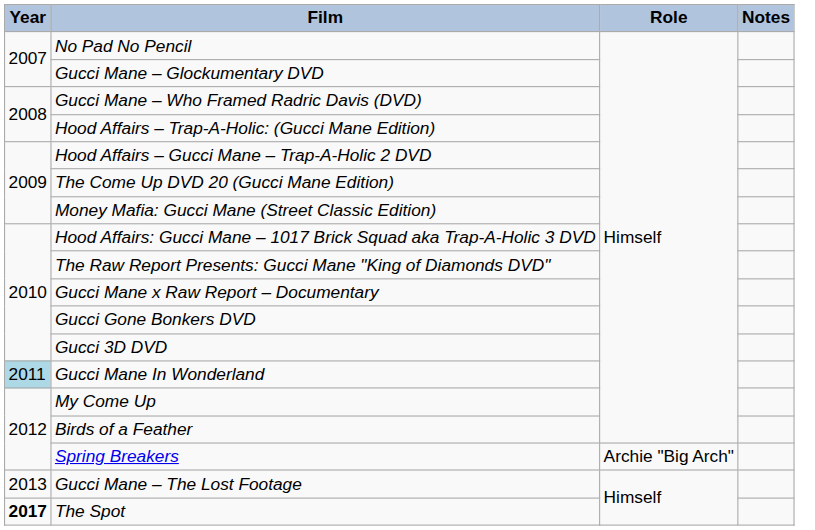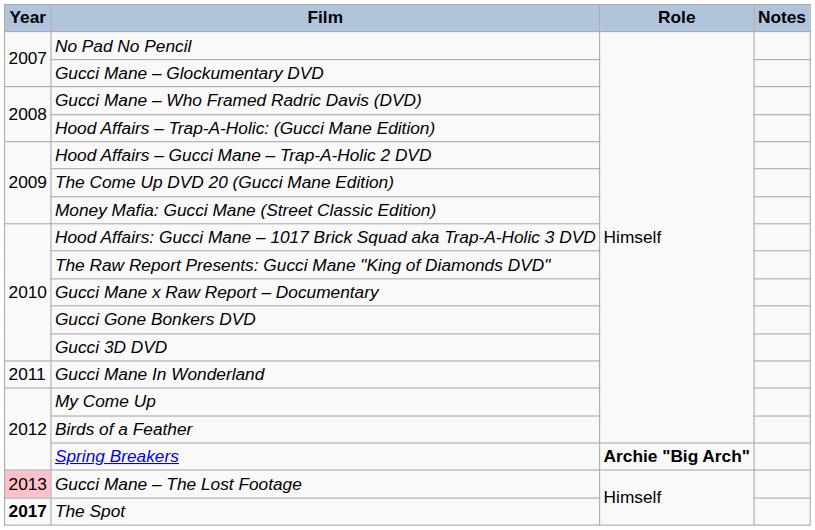 <table class="wikitable">
 <tr style="text-align:center;">
 <th style="background:#B0C4DE;">Year</th>
 <th style="background:#B0C4DE;">Film</th>
 <th style="background:#B0C4DE;">Role</th>
 <th style="background:#B0C4DE;">Notes</th>
 </tr>
 <tr>
 <td rowspan="2">2007</td>
 <td><em>No Pad No Pencil</em></td>
 <td rowspan="15">Himself</td>
 <td></td>
 </tr>
 <tr>
 <td><em>Gucci Mane – Glockumentary DVD</em></td>
 <td></td>
 </tr>
 <tr>
 <td rowspan="2">2008</td>
 <td><em>Gucci Mane – Who Framed Radric Davis (DVD)</em></td>
 <td></td>
 </tr>
 <tr>
 <td><em> Hood Affairs – Trap-A-Holic: (Gucci Mane Edition)</em></td>
 <td></td>
 </tr>
 <tr>
 <td rowspan="3">2009</td>
 <td><em>Hood Affairs – Gucci Mane – Trap-A-Holic 2 DVD</em></td>
 <td></td>
 </tr>
 <tr>
 <td><em>The Come Up DVD 20 (Gucci Mane Edition)</em></td>
 <td></td>
 </tr>
 <tr>
 <td><em>Money Mafia: Gucci Mane (Street Classic Edition)</em></td>
 <td></td>
 </tr>
 <tr>
 <td rowspan="5">2010</td>
 <td><em>Hood Affairs: Gucci Mane – 1017 Brick Squad aka Trap-A-Holic 3 DVD</em></td>
 <td></td>
 </tr>
 <tr>
 <td><em>The Raw Report Presents: Gucci Mane "King of Diamonds DVD"</em></td>
 <td></td>
 </tr>
 <tr>
 <td><em>Gucci Mane x Raw Report – Documentary </em></td>
 <td></td>
 </tr>
 <tr>
 <td><em>Gucci Gone Bonkers DVD</em></td>
 <td></td>
 </tr>
 <tr>
 <td><em>Gucci 3D DVD</em></td>
 <td></td>
 </tr>
 <tr>
-<td style="background: lightblue;">2011</td>
+<td>2011</td>
 <td><em>Gucci Mane In Wonderland</em></td>
 <td></td>
 </tr>
 <tr>
 <td rowspan="3">2012</td>
 <td><em>My Come Up</em></td>
 <td></td>
 </tr>
 <tr>
 <td><em>Birds of a Feather</em></td>
 <td></td>
 </tr>
 <tr>
 <td><em><a href='#'>Spring Breakers</a></em></td>
-<td>Archie "Big Arch"</td>
+<td><strong>Archie "Big Arch"</strong></td>
 <td></td>
 </tr>
 <tr>
-<td>2013</td>
+<td style="background: pink;">2013</td>
 <td><em>Gucci Mane – The Lost Footage</em></td>
 <td rowspan="2">Himself</td>
 <td></td>
 </tr>
 <tr>
 <td><strong>2017</strong></td>
 <td><em>The Spot</em></td>
 <td></td>
 </tr>
 </table>
